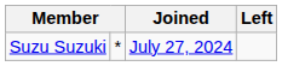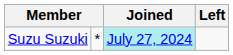 <table class="wikitable" style="text-align:center;">
 <tr>
 <th colspan="2">Member</th>
 <th>Joined</th>
 <th>Left</th>
 </tr>
 <tr>
 <td><a href='#'>Suzu Suzuki</a></td>
 <td>*</td>
-<td><a href='#'>July 27, 2024</a></td>
+<td style="background: paleturquoise;"><a href='#'>July 27, 2024</a></td>
 <td></td>
 </tr>
 </table>
